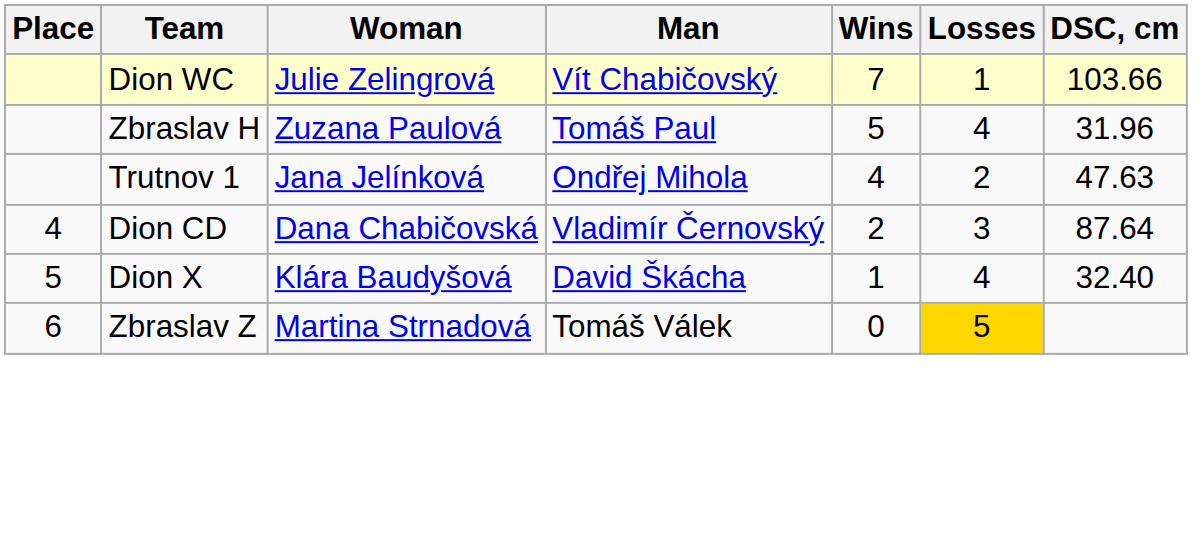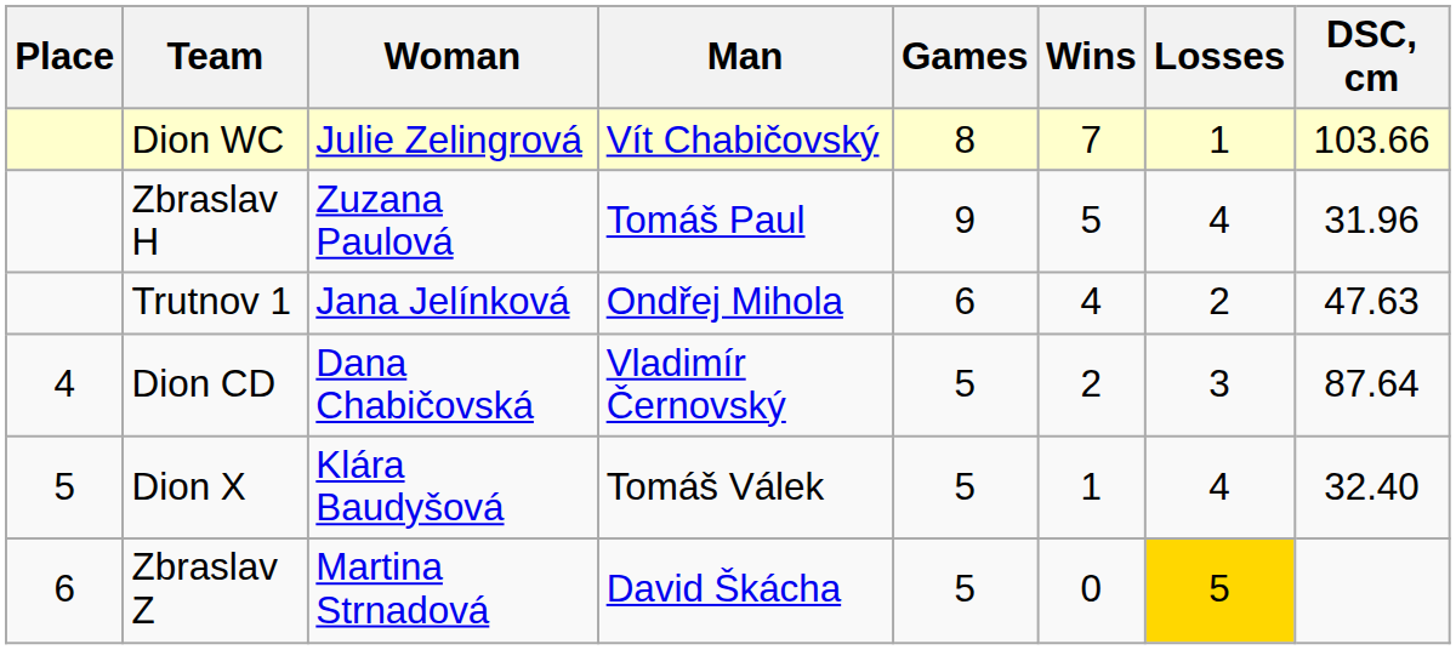 <table class="wikitable" style="text-align:center;">
 <tr>
 <th>Place</th>
 <th>Team</th>
 <th>Woman</th>
 <th>Man</th>
+<th>Games</th>
 <th>Wins</th>
 <th>Losses</th>
 <th>DSC, cm</th>
 </tr>
 <tr style="background:#ffc;">
 <td></td>
 <td align=left>Dion WC</td>
 <td align=left><a href='#'>Julie Zelingrová</a></td>
 <td align=left><a href='#'>Vít Chabičovský</a></td>
+<td>8</td>
 <td>7</td>
 <td>1</td>
 <td>103.66</td>
 </tr>
 <tr>
 <td></td>
 <td align=left>Zbraslav H</td>
 <td align=left><a href='#'>Zuzana Paulová</a></td>
 <td align=left><a href='#'>Tomáš Paul</a></td>
+<td>9</td>
 <td>5</td>
 <td>4</td>
 <td>31.96</td>
 </tr>
 <tr>
 <td></td>
 <td align=left>Trutnov 1</td>
 <td align=left><a href='#'>Jana Jelínková</a></td>
 <td align=left><a href='#'>Ondřej Mihola</a></td>
+<td>6</td>
 <td>4</td>
 <td>2</td>
 <td>47.63</td>
 </tr>
 <tr>
 <td>4</td>
 <td align=left>Dion CD</td>
 <td align=left><a href='#'>Dana Chabičovská</a></td>
 <td align=left><a href='#'>Vladimír Černovský</a></td>
+<td>5</td>
 <td>2</td>
 <td>3</td>
 <td>87.64</td>
 </tr>
 <tr>
 <td>5</td>
 <td align=left>Dion X</td>
 <td align=left><a href='#'>Klára Baudyšová</a></td>
-<td align=left><a href='#'>David Škácha</a></td>
+<td align=left>Tomáš Válek</td>
+<td>5</td>
 <td>1</td>
 <td>4</td>
 <td>32.40</td>
 </tr>
 <tr>
 <td>6</td>
 <td align=left>Zbraslav Z</td>
 <td align=left><a href='#'>Martina Strnadová</a></td>
-<td align=left>Tomáš Válek</td>
+<td align=left><a href='#'>David Škácha</a></td>
+<td>5</td>
 <td>0</td>
 <td style="background: gold;">5</td>
 <td></td>
 </tr>
 </table>
